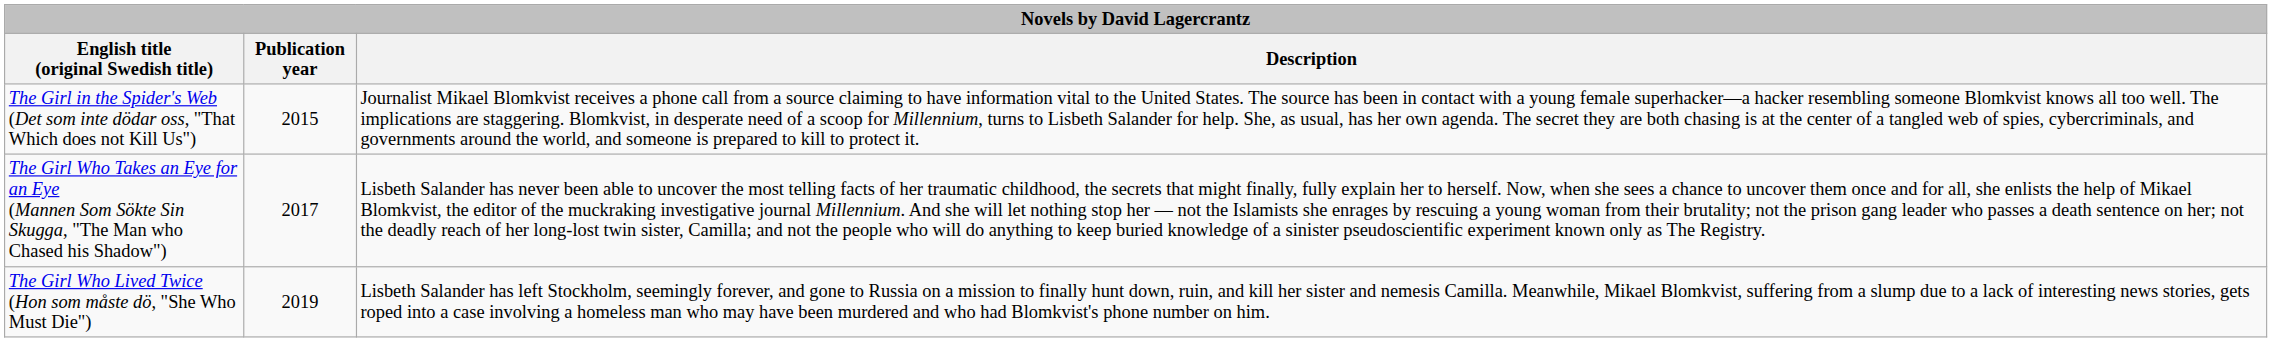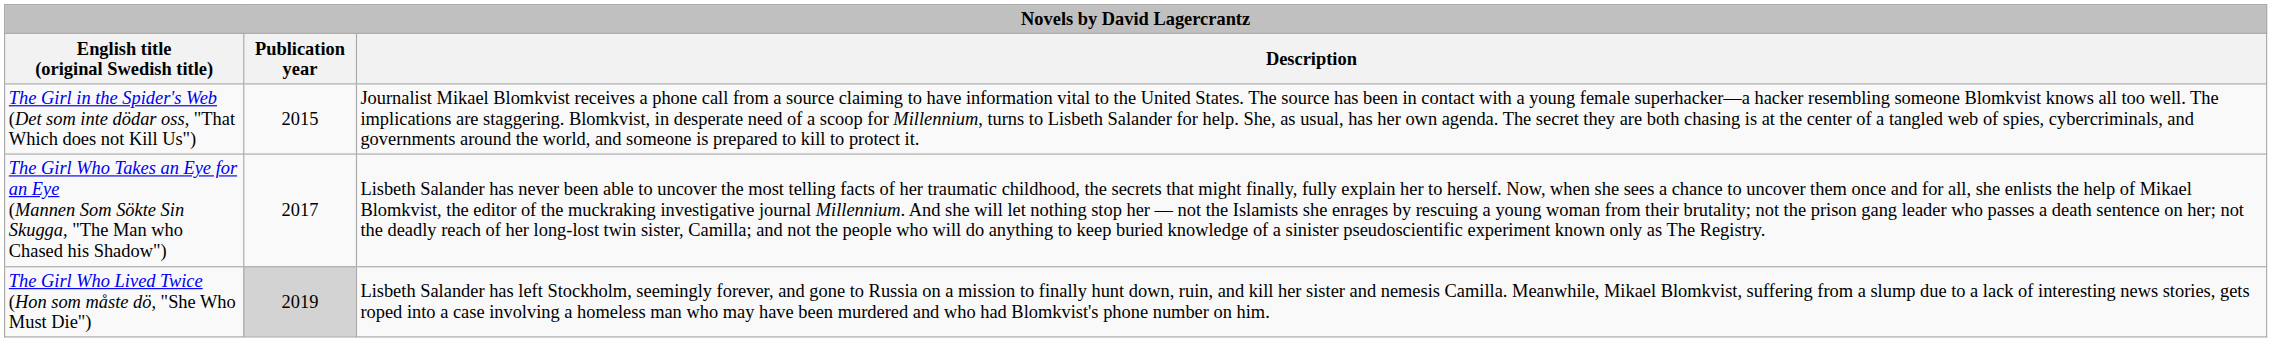 <table class="wikitable">
 <tr style="text-align:left;">
 <th colspan="3" style="background:#C0C0C0;">Novels by David Lagercrantz</th>
 </tr>
 <tr>
 <th>English title<br>(original Swedish title)</th>
 <th>Publication year</th>
 <th>Description</th>
 </tr>
 <tr>
 <td><em><a href='#'>The Girl in the Spider's Web</a></em><br>(<em>Det som inte dödar oss</em>, "That Which does not Kill Us")</td>
 <td style="text-align:center">2015</td>
 <td>Journalist Mikael Blomkvist receives a phone call from a source claiming to have information vital to the United States. The source has been in contact with a young female superhacker—a hacker resembling someone Blomkvist knows all too well. The implications are staggering. Blomkvist, in desperate need of a scoop for <em>Millennium</em>, turns to Lisbeth Salander for help. She, as usual, has her own agenda. The secret they are both chasing is at the center of a tangled web of spies, cybercriminals, and governments around the world, and someone is prepared to kill to protect it.</td>
 </tr>
 <tr>
 <td><em><a href='#'>The Girl Who Takes an Eye for an Eye</a></em><br>(<em>Mannen Som Sökte Sin Skugga</em>, "The Man who Chased his Shadow")</td>
 <td style="text-align:center">2017</td>
 <td>Lisbeth Salander has never been able to uncover the most telling facts of her traumatic childhood, the secrets that might finally, fully explain her to herself. Now, when she sees a chance to uncover them once and for all, she enlists the help of Mikael Blomkvist, the editor of the muckraking investigative journal <em>Millennium</em>. And she will let nothing stop her — not the Islamists she enrages by rescuing a young woman from their brutality; not the prison gang leader who passes a death sentence on her; not the deadly reach of her long-lost twin sister, Camilla; and not the people who will do anything to keep buried knowledge of a sinister pseudoscientific experiment known only as The Registry.</td>
 </tr>
 <tr>
 <td><em><a href='#'>The Girl Who Lived Twice</a></em><br>(<em>Hon som måste dö</em>, "She Who Must Die")</td>
-<td style="text-align:center">2019</td>
+<td style="background: lightgrey; text-align:center">2019</td>
 <td>Lisbeth Salander has left Stockholm, seemingly forever, and gone to Russia on a mission to finally hunt down, ruin, and kill her sister and nemesis Camilla. Meanwhile, Mikael Blomkvist, suffering from a slump due to a lack of interesting news stories, gets roped into a case involving a homeless man who may have been murdered and who had Blomkvist's phone number on him.</td>
 </tr>
 </table>
